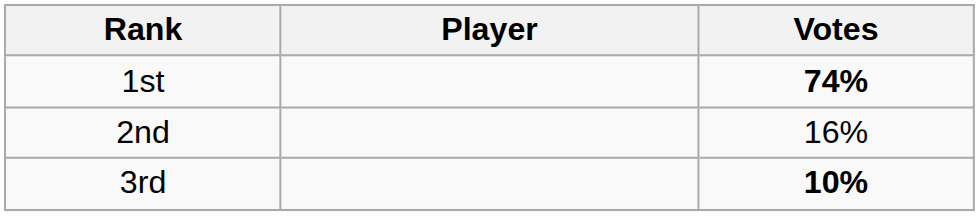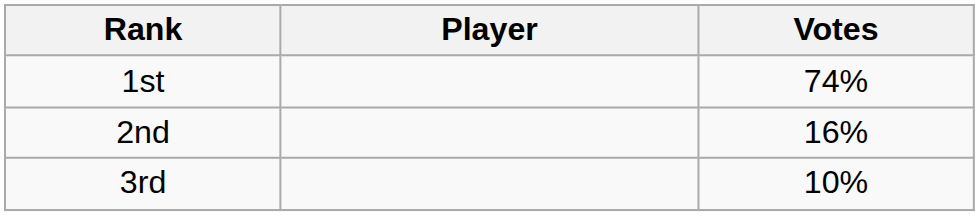 <table class="wikitable" style="text-align:center">
 <tr>
 <th>Rank</th>
 <th>Player</th>
 <th>Votes</th>
 </tr>
 <tr>
 <td style="width:130px;">1st</td>
 <td style="width:200px;"></td>
-<td style="width:130px;"><strong>74%</strong></td>
+<td style="width:130px;">74%</td>
 </tr>
 <tr>
 <td style="width:130px;">2nd</td>
 <td style="width:200px;"></td>
 <td style="width:130px;">16%</td>
 </tr>
 <tr>
 <td style="width:130px;">3rd</td>
 <td style="width:200px;"></td>
-<td style="width:130px;"><strong>10%</strong></td>
+<td style="width:130px;">10%</td>
 </tr>
 <tr>
 </tr>
 </table>
